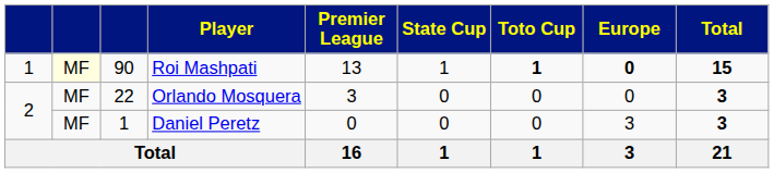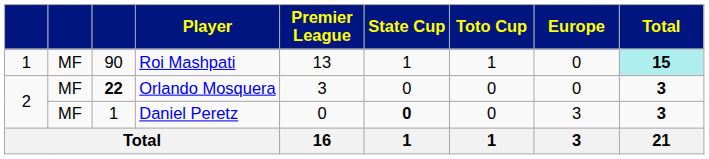 <table class="wikitable sortable" style="text-align:center">
 <tr>
 <th style="background:#00157F;color:#FFFF00;width:35px"></th>
 <th style="background:#00157F;color:#FFFF00;width:35px"></th>
 <th style="background:#00157F;color:#FFFF00;width:35px"></th>
 <th style="background:#00157F;color:#FFFF00">Player</th>
 <th style="background:#00157F;color:#FFFF00;width:75px">Premier League</th>
 <th style="background:#00157F;color:#FFFF00;width:75px">State Cup</th>
 <th style="background:#00157F;color:#FFFF00;width:75px">Toto Cup</th>
 <th style="background:#00157F;color:#FFFF00;width:75px">Europe</th>
 <th style="background:#00157F;color:#FFFF00;width:75px">Total</th>
 </tr>
 <tr>
 <td>1</td>
-<td style="background: lightyellow;">MF</td>
+<td>MF</td>
 <td>90</td>
 <td style="text-align:left"> <a href='#'>Roi Mashpati</a></td>
 <td>13</td>
 <td>1</td>
-<td><strong>1</strong></td>
-<td><strong>0</strong></td>
-<td><strong>15</strong></td>
+<td>1</td>
+<td>0</td>
+<td style="background: paleturquoise;"><strong>15</strong></td>
 </tr>
 <tr>
 <td rowspan="2">2</td>
 <td>MF</td>
-<td>22</td>
+<td><strong>22</strong></td>
 <td style="text-align:left;"> <a href='#'>Orlando Mosquera</a></td>
 <td>3</td>
 <td>0</td>
 <td>0</td>
 <td>0</td>
 <td><strong>3</strong></td>
 </tr>
 <tr>
 <td>MF</td>
 <td>1</td>
 <td style="text-align:left"> <a href='#'>Daniel Peretz</a></td>
 <td>0</td>
-<td>0</td>
+<td><strong>0</strong></td>
 <td>0</td>
 <td>3</td>
 <td><strong>3</strong></td>
 </tr>
 <tr class="sortbottom">
 <th colspan="4">Total</th>
 <th>16</th>
 <th>1</th>
 <th>1</th>
 <th>3</th>
 <th>21</th>
 </tr>
 </table>
